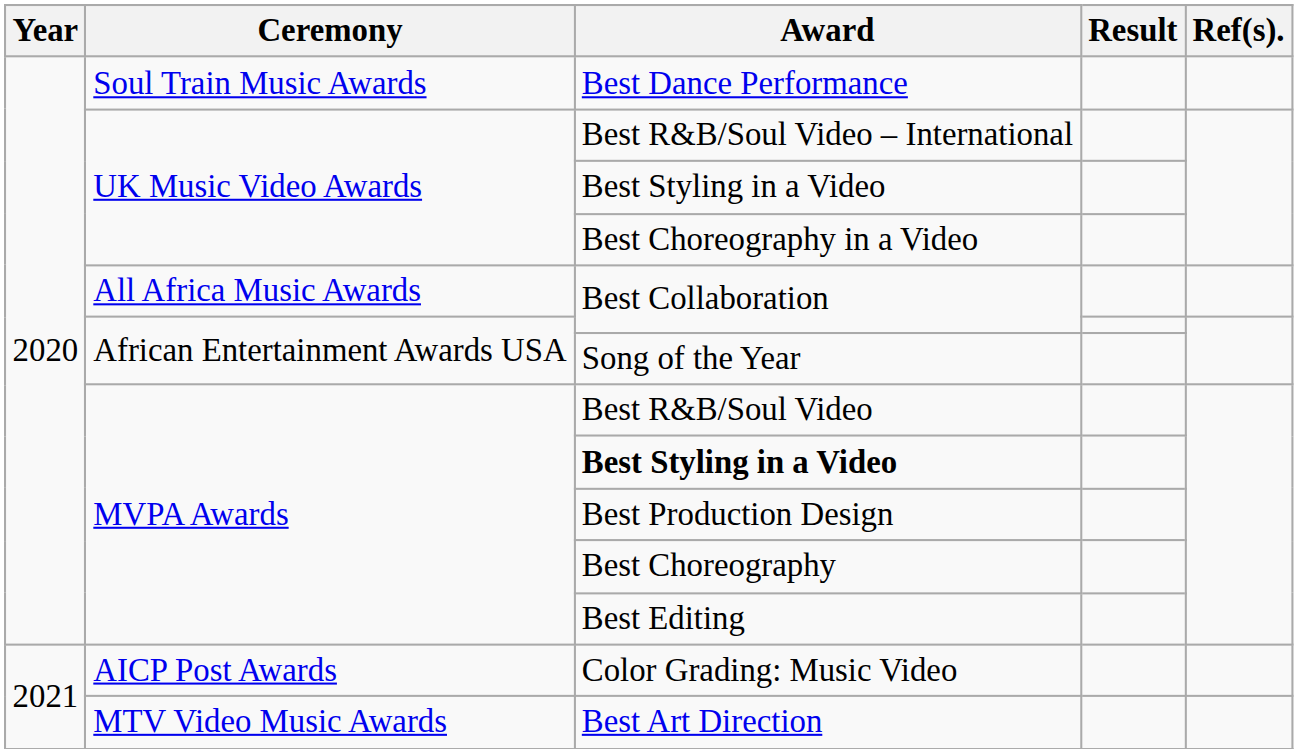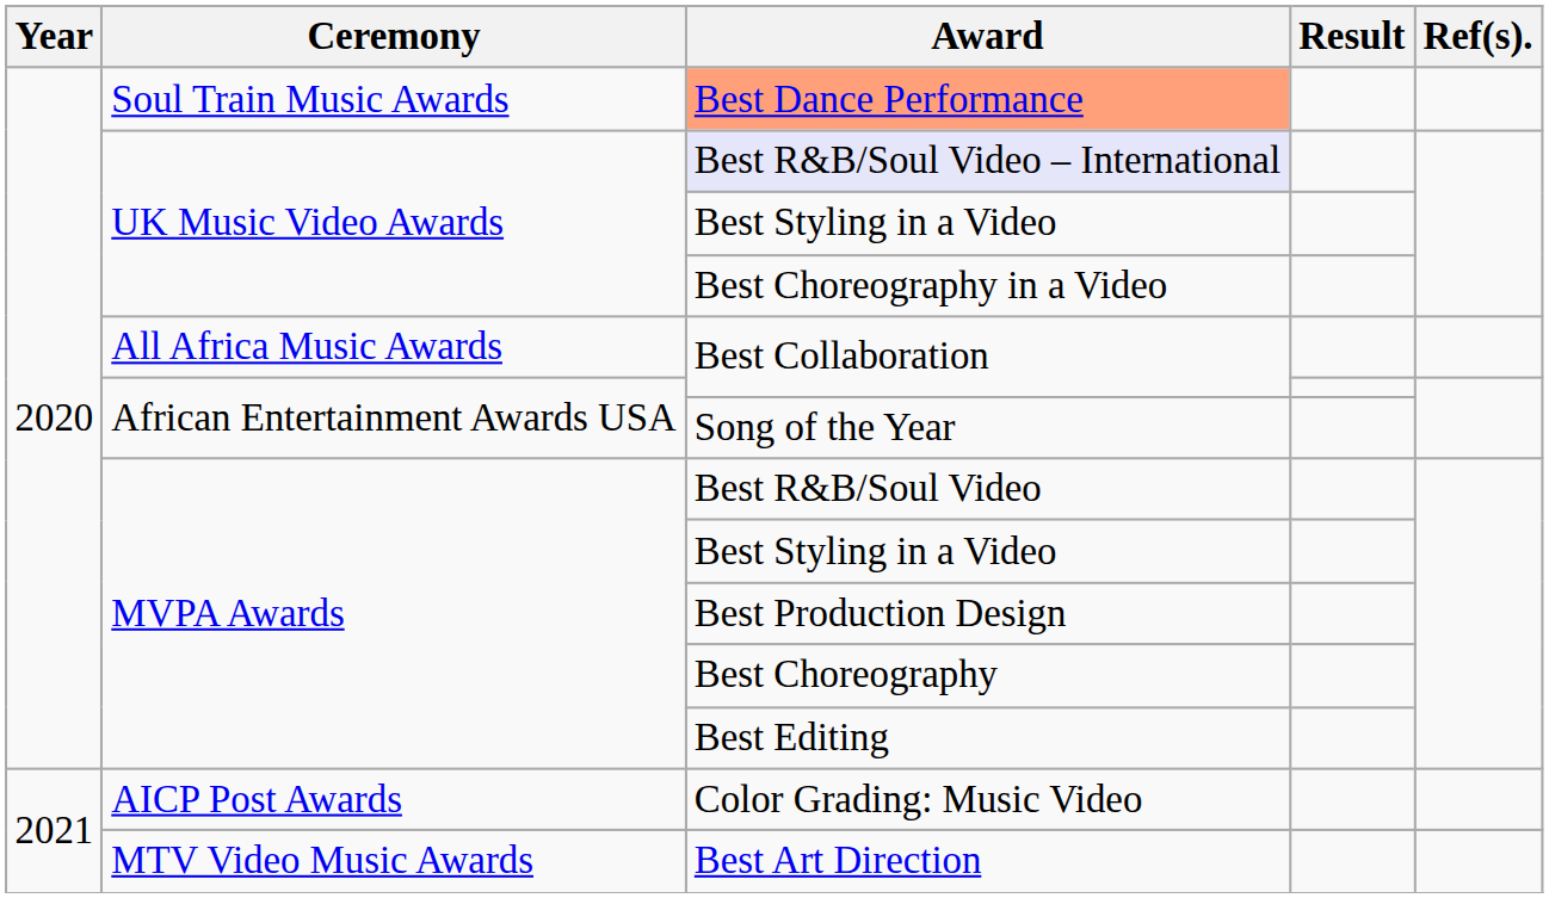 <table class="wikitable">
 <tr>
 <th>Year</th>
 <th>Ceremony</th>
 <th>Award</th>
 <th>Result</th>
 <th>Ref(s).</th>
 </tr>
 <tr>
 <td rowspan="12">2020</td>
 <td><a href='#'>Soul Train Music Awards</a></td>
-<td><a href='#'>Best Dance Performance</a></td>
+<td style="background: lightsalmon;"><a href='#'>Best Dance Performance</a></td>
 <td></td>
 <td style="text-align:center;"></td>
 </tr>
 <tr>
 <td rowspan="3"><a href='#'>UK Music Video Awards</a></td>
-<td>Best R&B/Soul Video – International</td>
+<td style="background: lavender;">Best R&B/Soul Video – International</td>
 <td></td>
 <td rowspan="3" style="text-align:center;"></td>
 </tr>
 <tr>
 <td>Best Styling in a Video</td>
 <td></td>
 </tr>
 <tr>
 <td>Best Choreography in a Video</td>
 <td></td>
 </tr>
 <tr>
 <td><a href='#'>All Africa Music Awards</a></td>
 <td rowspan="2">Best Collaboration</td>
 <td></td>
 <td style="text-align:center;"></td>
 </tr>
 <tr>
 <td rowspan="2">African Entertainment Awards USA</td>
 <td></td>
 <td rowspan="2" style="text-align:center;"></td>
 </tr>
 <tr>
 <td>Song of the Year</td>
 <td></td>
 </tr>
 <tr>
 <td rowspan="5"><a href='#'>MVPA Awards</a></td>
 <td>Best R&B/Soul Video</td>
 <td></td>
 <td rowspan="5" style="text-align:center;"></td>
 </tr>
 <tr>
-<td><strong>Best Styling in a Video</strong></td>
+<td>Best Styling in a Video</td>
 <td></td>
 </tr>
 <tr>
 <td>Best Production Design</td>
 <td></td>
 </tr>
 <tr>
 <td>Best Choreography</td>
 <td></td>
 </tr>
 <tr>
 <td>Best Editing</td>
 <td></td>
 </tr>
 <tr>
 <td rowspan="2">2021</td>
 <td><a href='#'>AICP Post Awards</a></td>
 <td>Color Grading: Music Video</td>
 <td></td>
 <td style="text-align:center;"></td>
 </tr>
 <tr>
 <td><a href='#'>MTV Video Music Awards</a></td>
 <td><a href='#'>Best Art Direction</a></td>
 <td></td>
 <td></td>
 </tr>
 <tr>
 </tr>
 </table>
